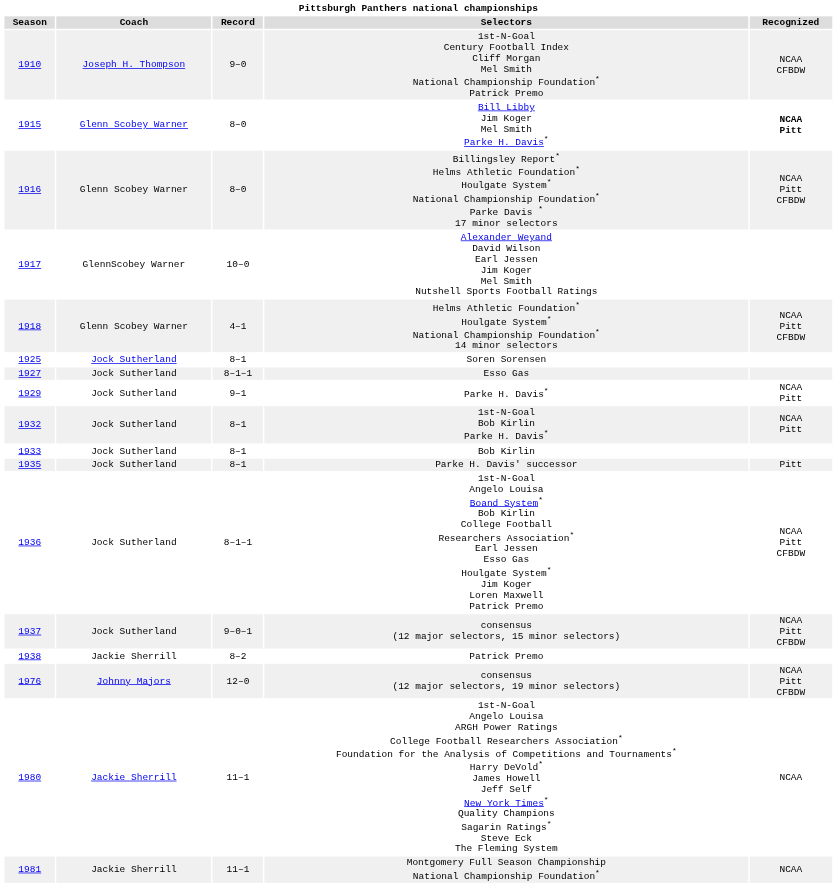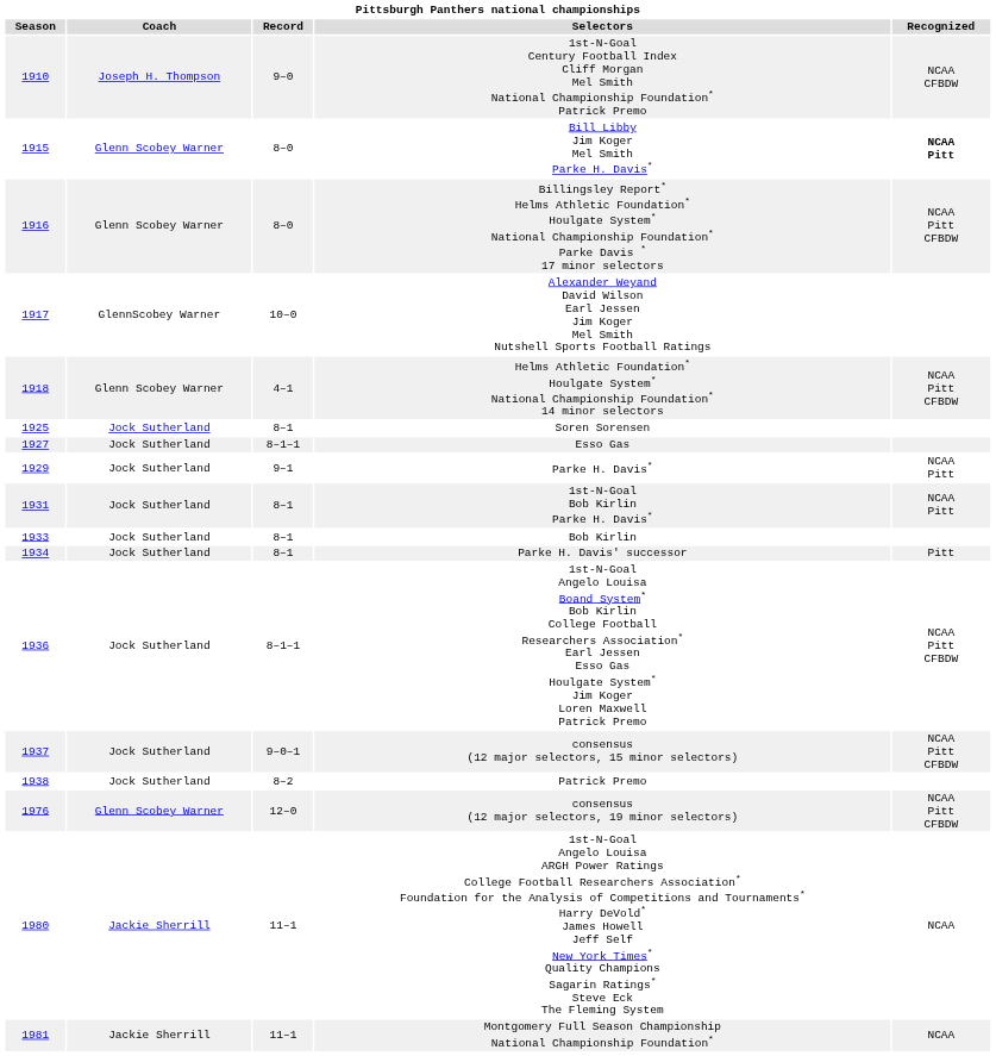 <table class="toccolours" width=90% style="clear:both; margin:1.5em auto; text-align:center;">
 <tr>
 <th colspan=11>Pittsburgh Panthers national championships</th>
 </tr>
 <tr align="center" bgcolor="#dddddd">
 <td><strong>Season</strong></td>
 <td><strong>Coach</strong></td>
 <td><strong>Record</strong></td>
 <td><strong>Selectors</strong></td>
 <td><strong>Recognized</strong></td>
 </tr>
 <tr align="center" bgcolor="#f0f0f0">
 <td><a href='#'>1910</a></td>
 <td><a href='#'>Joseph H. Thompson</a></td>
 <td>9–0</td>
 <td>1st-N-Goal <br> Century Football Index <br> Cliff Morgan <br> Mel Smith <br> National Championship Foundation<sup>*</sup> <br> Patrick Premo</td>
 <td>NCAA <br> CFBDW</td>
 </tr>
 <tr align="center">
 <td><a href='#'>1915</a></td>
 <td><a href='#'>Glenn Scobey Warner</a></td>
 <td>8–0</td>
 <td><a href='#'>Bill Libby</a> <br> Jim Koger <br> Mel Smith <br> <a href='#'>Parke H. Davis</a><sup>*</sup></td>
 <td><strong>NCAA <br> Pitt</strong></td>
 </tr>
 <tr align="center" bgcolor="#f0f0f0">
 <td><a href='#'>1916</a></td>
 <td>Glenn Scobey Warner</td>
 <td>8–0</td>
 <td>Billingsley Report<sup>*</sup> <br> Helms Athletic Foundation<sup>*</sup> <br> Houlgate System<sup>*</sup> <br> National Championship Foundation<sup>*</sup> <br> Parke Davis <sup>*</sup> <br> 17 minor selectors</td>
 <td>NCAA <br> Pitt <br> CFBDW</td>
 </tr>
 <tr align="center">
 <td><a href='#'>1917</a></td>
 <td>GlennScobey  Warner</td>
 <td>10–0</td>
 <td><a href='#'>Alexander Weyand</a> <br> David Wilson <br> Earl Jessen <br> Jim Koger <br> Mel Smith <br> Nutshell Sports Football Ratings</td>
 <td></td>
 </tr>
 <tr align="center" bgcolor="#f0f0f0">
 <td><a href='#'>1918</a></td>
 <td>Glenn Scobey Warner</td>
 <td>4–1</td>
 <td>Helms Athletic Foundation<sup>*</sup> <br> Houlgate System<sup>*</sup> <br> National Championship Foundation<sup>*</sup> <br> 14 minor selectors</td>
 <td>NCAA <br> Pitt <br> CFBDW</td>
 </tr>
 <tr align="center">
 <td><a href='#'>1925</a></td>
 <td><a href='#'>Jock Sutherland</a></td>
 <td>8–1</td>
 <td>Soren Sorensen</td>
 <td></td>
 </tr>
 <tr align="center" bgcolor="#f0f0f0">
 <td><a href='#'>1927</a></td>
 <td>Jock Sutherland</td>
 <td>8–1–1</td>
 <td>Esso Gas</td>
 <td></td>
 </tr>
 <tr align="center">
 <td><a href='#'>1929</a></td>
 <td>Jock Sutherland</td>
 <td>9–1</td>
 <td>Parke H. Davis<sup>*</sup></td>
 <td>NCAA <br> Pitt</td>
 </tr>
 <tr align="center" bgcolor="#f0f0f0">
-<td><a href='#'>1932</a></td>
+<td><a href='#'>1931</a></td>
 <td>Jock Sutherland</td>
 <td>8–1</td>
 <td>1st-N-Goal <br> Bob Kirlin <br> Parke H. Davis<sup>*</sup></td>
 <td>NCAA <br> Pitt</td>
 </tr>
 <tr align="center">
 <td><a href='#'>1933</a></td>
 <td>Jock Sutherland</td>
 <td>8–1</td>
 <td>Bob Kirlin</td>
 <td></td>
 </tr>
 <tr align="center" bgcolor="#f0f0f0">
-<td><a href='#'>1935</a></td>
+<td><a href='#'>1934</a></td>
 <td>Jock Sutherland</td>
 <td>8–1</td>
 <td>Parke H. Davis' successor</td>
 <td>Pitt</td>
 </tr>
 <tr align="center">
 <td><a href='#'>1936</a></td>
 <td>Jock Sutherland</td>
 <td>8–1–1</td>
 <td>1st-N-Goal <br> Angelo Louisa <br> <a href='#'>Boand System</a><sup>*</sup> <br> Bob Kirlin <br> College Football <br> Researchers Association<sup>*</sup> <br> Earl Jessen <br> Esso Gas <br> Houlgate System<sup>*</sup> <br> Jim Koger <br> Loren Maxwell  <br> Patrick Premo</td>
 <td>NCAA <br> Pitt <br> CFBDW</td>
 </tr>
 <tr align="center" bgcolor="#f0f0f0">
 <td><a href='#'>1937</a></td>
 <td>Jock Sutherland</td>
 <td>9–0–1</td>
 <td>consensus <br> (12 major selectors, 15 minor selectors)</td>
 <td>NCAA <br> Pitt <br> CFBDW</td>
 </tr>
 <tr align="center">
 <td><a href='#'>1938</a></td>
-<td>Jackie Sherrill</td>
+<td>Jock Sutherland</td>
 <td>8–2</td>
 <td>Patrick Premo</td>
 <td></td>
 </tr>
 <tr align="center" bgcolor="#f0f0f0">
 <td><a href='#'>1976</a></td>
-<td><a href='#'>Johnny Majors</a></td>
+<td><a href='#'>Glenn Scobey Warner</a></td>
 <td>12–0</td>
 <td>consensus <br> (12 major selectors, 19 minor selectors)</td>
 <td>NCAA <br> Pitt <br> CFBDW</td>
 </tr>
 <tr align="center">
 <td><a href='#'>1980</a></td>
 <td><a href='#'>Jackie Sherrill</a></td>
 <td>11–1</td>
 <td>1st-N-Goal <br> Angelo Louisa <br> ARGH Power Ratings <br> College Football Researchers Association<sup>*</sup> <br> Foundation for the Analysis of Competitions and Tournaments<sup>*</sup> <br> Harry DeVold<sup>*</sup> <br> James Howell <br> Jeff Self <br> <a href='#'>New York Times</a><sup>*</sup> <br> Quality Champions  <br> Sagarin Ratings<sup>*</sup> <br> Steve Eck <br> The Fleming System</td>
 <td>NCAA</td>
 </tr>
 <tr align="center" bgcolor="#f0f0f0">
 <td><a href='#'>1981</a></td>
 <td>Jackie Sherrill</td>
 <td>11–1</td>
 <td>Montgomery Full Season Championship <br> National Championship Foundation<sup>*</sup></td>
 <td>NCAA</td>
 </tr>
 </table>
